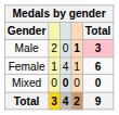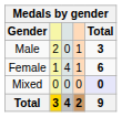 <table class=wikitable style="font-size:85%; text-align:center; float:left;">
 <tr>
 <th colspan=5>Medals by gender</th>
 </tr>
 <tr>
 <th>Gender</th>
 <td bgcolor=F7F6A8></td>
 <td bgcolor=DCE5E5></td>
 <td bgcolor=FFDAB9></td>
 <th>Total</th>
 </tr>
 <tr>
 <td>Male</td>
 <td bgcolor=F7F6A8>2</td>
 <td bgcolor=DCE5E5>0</td>
-<td bgcolor=FFDAB9><strong>1</strong></td>
-<td style="background: pink;"><strong>3</strong></td>
+<td bgcolor=FFDAB9>1</td>
+<td><strong>3</strong></td>
 </tr>
 <tr>
 <td>Female</td>
 <td bgcolor=F7F6A8>1</td>
 <td bgcolor=DCE5E5>4</td>
 <td bgcolor=FFDAB9>1</td>
 <td><strong>6</strong></td>
 </tr>
 <tr>
 <td>Mixed</td>
 <td bgcolor=F7F6A8>0</td>
-<td bgcolor=DCE5E5><strong>0</strong></td>
+<td bgcolor=DCE5E5>0</td>
 <td bgcolor=FFDAB9>0</td>
-<td><strong>0</strong></td>
+<td style="background: lavender;"><strong>0</strong></td>
 </tr>
 <tr>
 <th>Total</th>
 <th style=background:gold>3</th>
 <th style=background:silver>4</th>
 <th style=background:#c96>2</th>
 <th>9</th>
 </tr>
 </table>
